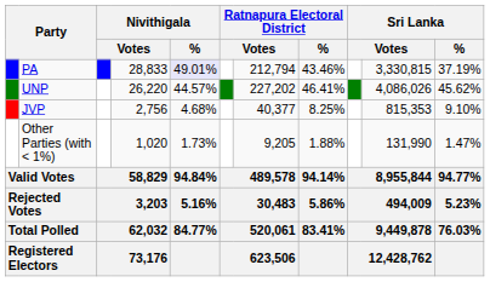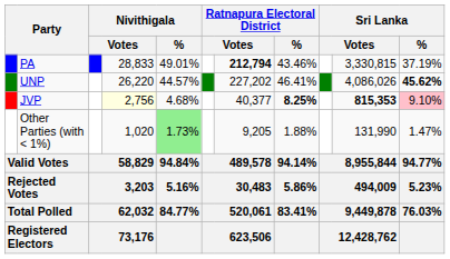 <table class="wikitable">
 <tr>
 <th colspan="2" width="144px"rowspan="2">Party</th>
 <th colspan="3" width="216px">Nivithigala</th>
 <th colspan="3" width="216px"><a href='#'>Ratnapura Electoral District</a></th>
 <th colspan="3" width="216px">Sri Lanka</th>
 </tr>
 <tr>
 <th colspan="2" width="144px">Votes</th>
 <th>%</th>
 <th colspan="2" width="144px">Votes</th>
 <th>%</th>
 <th colspan="2" width="144px">Votes</th>
 <th>%</th>
 </tr>
 <tr>
 <td style="background-color:blue;" width="10px"></td>
 <td style="text-align:left;"><a href='#'>PA</a></td>
 <td style="background-color:blue;" width="10px"></td>
 <td style="text-align:right;">28,833</td>
-<td style="background: lavender; text-align:right;">49.01%</td>
+<td style="text-align:right;">49.01%</td>
 <td style="background-color:white;" width="10px"></td>
-<td style="text-align:right;">212,794</td>
+<td style="text-align:right;"><strong>212,794</strong></td>
 <td style="text-align:right;">43.46%</td>
 <td style="background-color:white;" width="10px"></td>
 <td style="text-align:right;">3,330,815</td>
 <td style="text-align:right;">37.19%</td>
 </tr>
 <tr>
 <td style="background-color:green;" width="10px"></td>
 <td style="text-align:left;"><a href='#'>UNP</a></td>
 <td style="background-color:white;" width="10px"></td>
 <td style="text-align:right;">26,220</td>
 <td style="text-align:right;">44.57%</td>
 <td style="background-color:green;" width="10px"></td>
 <td style="text-align:right;">227,202</td>
 <td style="text-align:right;">46.41%</td>
 <td style="background-color:green;" width="10px"></td>
 <td style="text-align:right;">4,086,026</td>
-<td style="text-align:right;">45.62%</td>
+<td style="text-align:right;"><strong>45.62%</strong></td>
 </tr>
 <tr>
 <td style="background-color:red;" width="10px"></td>
 <td style="text-align:left;"><a href='#'>JVP</a></td>
 <td style="background-color:white;" width="10px"></td>
-<td style="text-align:right;">2,756</td>
+<td style="background: lightyellow; text-align:right;">2,756</td>
 <td style="text-align:right;">4.68%</td>
 <td style="background-color:white;" width="10px"></td>
 <td style="text-align:right;">40,377</td>
-<td style="text-align:right;">8.25%</td>
+<td style="text-align:right;"><strong>8.25%</strong></td>
 <td style="background-color:white;" width="10px"></td>
-<td style="text-align:right;">815,353</td>
-<td style="text-align:right;">9.10%</td>
+<td style="text-align:right;"><strong>815,353</strong></td>
+<td style="background: pink; text-align:right;">9.10%</td>
 </tr>
 <tr>
 <td style="background-color:white;" width="10px"></td>
 <td style="text-align:left;">Other Parties (with < 1%)</td>
 <td style="background-color:white;" width="10px"></td>
 <td style="text-align:right;">1,020</td>
-<td style="text-align:right;">1.73%</td>
+<td style="background: lightgreen; text-align:right;">1.73%</td>
 <td style="background-color:white;" width="10px"></td>
 <td style="text-align:right;">9,205</td>
 <td style="text-align:right;">1.88%</td>
 <td style="background-color:white;" width="10px"></td>
 <td style="text-align:right;">131,990</td>
 <td style="text-align:right;">1.47%</td>
 </tr>
 <tr>
 <th colspan="2" width="144px"style="text-align:left;">Valid Votes</th>
 <th style="text-align:right;"colspan="2" width="144px">58,829</th>
 <th style="text-align:right;">94.84%</th>
 <th style="text-align:right;"colspan="2" width="144px">489,578</th>
 <th style="text-align:right;">94.14%</th>
 <th style="text-align:right;"colspan="2" width="144px">8,955,844</th>
 <th style="text-align:right;">94.77%</th>
 </tr>
 <tr>
 <th colspan="2" width="144px"style="text-align:left;">Rejected Votes</th>
 <th style="text-align:right;"colspan="2" width="144px">3,203</th>
 <th style="text-align:right;">5.16%</th>
 <th style="text-align:right;"colspan="2" width="144px">30,483</th>
 <th style="text-align:right;">5.86%</th>
 <th style="text-align:right;"colspan="2" width="144px">494,009</th>
 <th style="text-align:right;">5.23%</th>
 </tr>
 <tr>
 <th colspan="2" width="144px"style="text-align:left;">Total Polled</th>
 <th style="text-align:right;"colspan="2" width="144px">62,032</th>
 <th style="text-align:right;">84.77%</th>
 <th style="text-align:right;"colspan="2" width="144px">520,061</th>
 <th style="text-align:right;">83.41%</th>
 <th style="text-align:right;"colspan="2" width="144px">9,449,878</th>
 <th style="text-align:right;">76.03%</th>
 </tr>
 <tr>
 <th colspan="2" width="144px"style="text-align:left;">Registered Electors</th>
 <th style="text-align:right;"colspan="2" width="144px">73,176</th>
 <th></th>
 <th style="text-align:right;"colspan="2" width="144px">623,506</th>
 <th></th>
 <th style="text-align:right;"colspan="2" width="144px">12,428,762</th>
 <th></th>
 </tr>
 </table>
